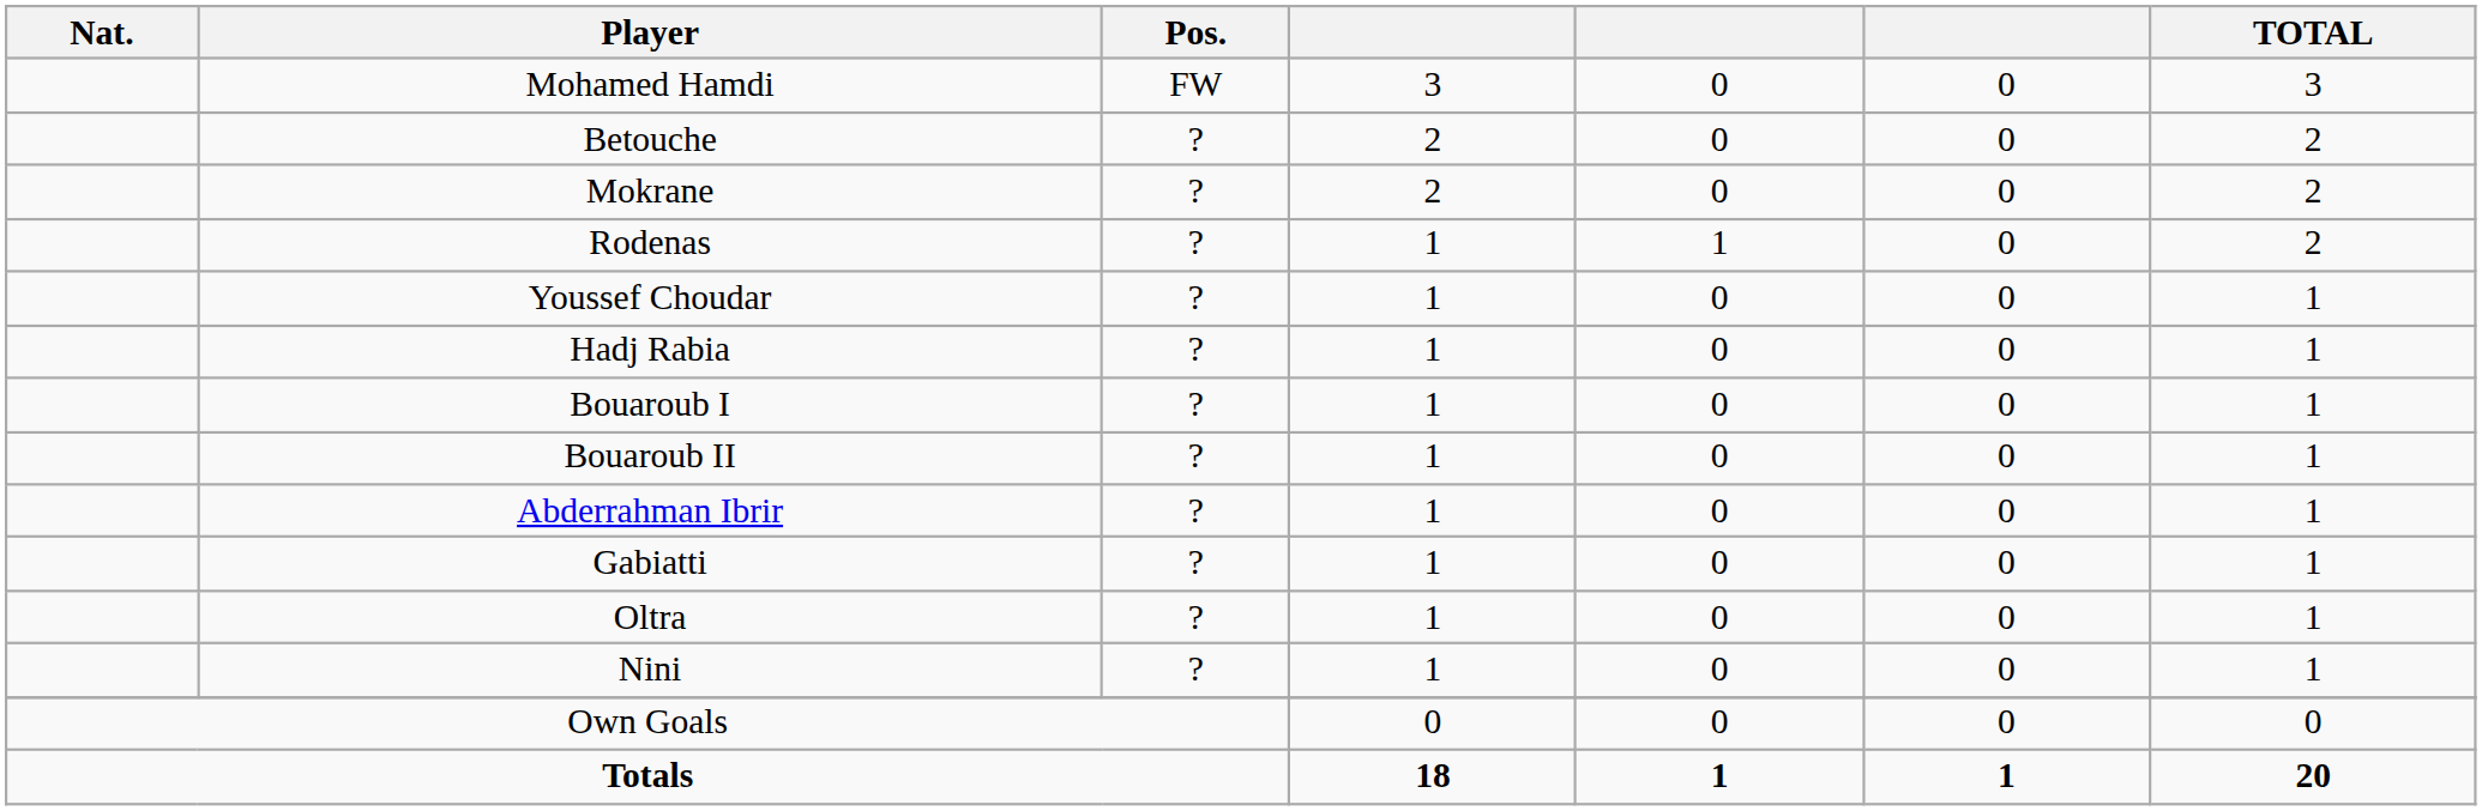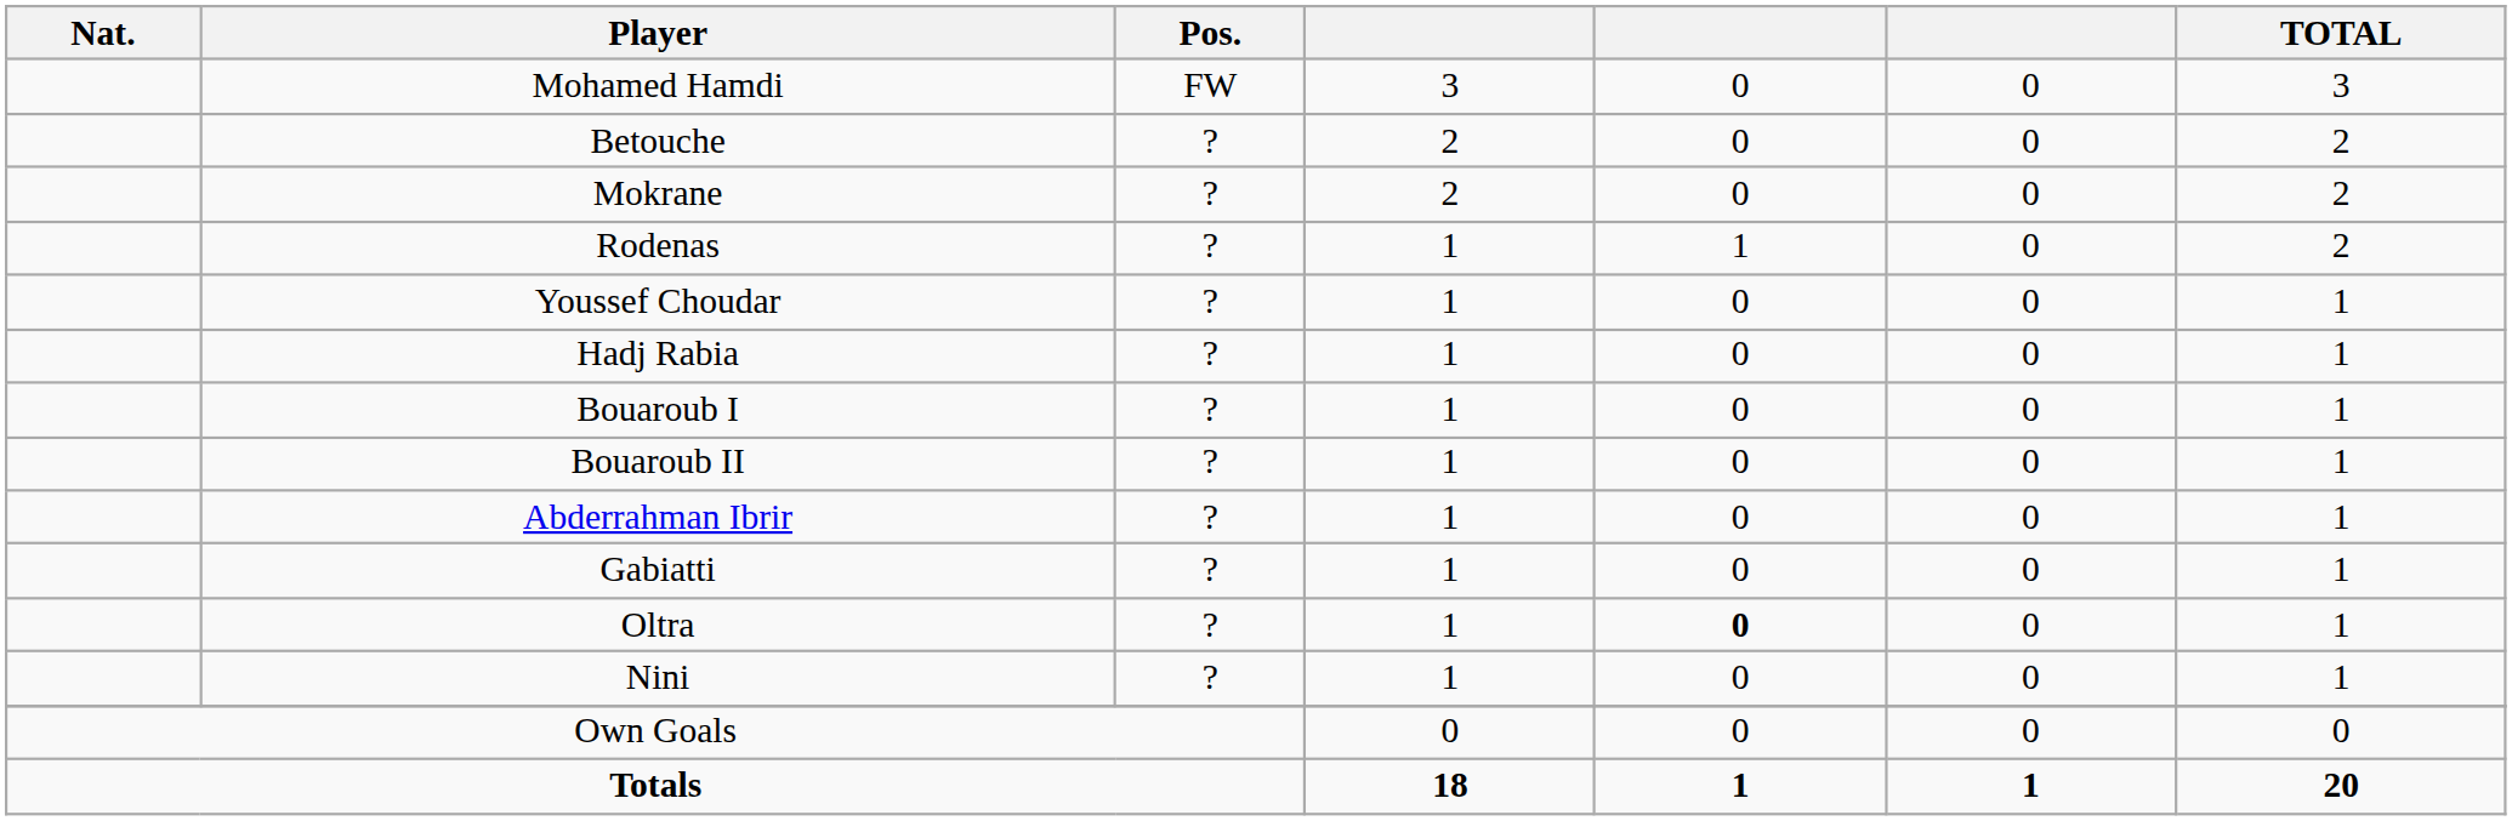 <table class="wikitable sortable alternance"  style="font-size:85%; text-align:center; line-height:14px; width:60%;">
 <tr>
 <th width=10>Nat.</th>
 <th width=140>Player</th>
 <th width=10>Pos.</th>
 <th width=40></th>
 <th width=40></th>
 <th width=40></th>
 <th width=10>TOTAL</th>
 </tr>
 <tr>
 <td></td>
 <td>Mohamed Hamdi</td>
 <td>FW</td>
 <td>3</td>
 <td>0</td>
 <td>0</td>
 <td>3</td>
 </tr>
 <tr>
 <td></td>
 <td>Betouche</td>
 <td>?</td>
 <td>2</td>
 <td>0</td>
 <td>0</td>
 <td>2</td>
 </tr>
 <tr>
 <td></td>
 <td>Mokrane</td>
 <td>?</td>
 <td>2</td>
 <td>0</td>
 <td>0</td>
 <td>2</td>
 </tr>
 <tr>
 <td></td>
 <td>Rodenas</td>
 <td>?</td>
 <td>1</td>
 <td>1</td>
 <td>0</td>
 <td>2</td>
 </tr>
 <tr>
 <td></td>
 <td>Youssef Choudar</td>
 <td>?</td>
 <td>1</td>
 <td>0</td>
 <td>0</td>
 <td>1</td>
 </tr>
 <tr>
 <td></td>
 <td>Hadj Rabia</td>
 <td>?</td>
 <td>1</td>
 <td>0</td>
 <td>0</td>
 <td>1</td>
 </tr>
 <tr>
 <td></td>
 <td>Bouaroub I</td>
 <td>?</td>
 <td>1</td>
 <td>0</td>
 <td>0</td>
 <td>1</td>
 </tr>
 <tr>
 <td></td>
 <td>Bouaroub II</td>
 <td>?</td>
 <td>1</td>
 <td>0</td>
 <td>0</td>
 <td>1</td>
 </tr>
 <tr>
 <td></td>
 <td><a href='#'>Abderrahman Ibrir</a></td>
 <td>?</td>
 <td>1</td>
 <td>0</td>
 <td>0</td>
 <td>1</td>
 </tr>
 <tr>
 <td></td>
 <td>Gabiatti</td>
 <td>?</td>
 <td>1</td>
 <td>0</td>
 <td>0</td>
 <td>1</td>
 </tr>
 <tr>
 <td></td>
 <td>Oltra</td>
 <td>?</td>
 <td>1</td>
-<td>0</td>
+<td><strong>0</strong></td>
 <td>0</td>
 <td>1</td>
 </tr>
 <tr>
 <td></td>
 <td>Nini</td>
 <td>?</td>
 <td>1</td>
 <td>0</td>
 <td>0</td>
 <td>1</td>
 </tr>
 <tr>
 </tr>
 <tr class="sortbottom">
 <td colspan="3">Own Goals</td>
 <td>0</td>
 <td>0</td>
 <td>0</td>
 <td>0</td>
 </tr>
 <tr class="sortbottom">
 <td colspan="3"><strong>Totals</strong></td>
 <td><strong>18</strong></td>
 <td><strong>1</strong></td>
 <td><strong>1</strong></td>
 <td><strong>20</strong></td>
 </tr>
 </table>
